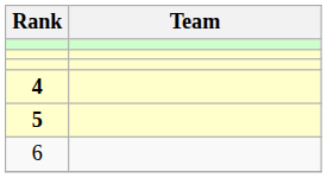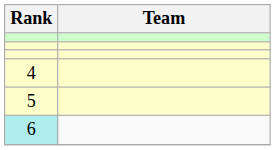 <table class="wikitable" style="text-align: center;">
 <tr>
 <th width=40>Rank</th>
 <th width=180>Team</th>
 </tr>
 <tr bgcolor=ccffcc>
 <td></td>
 <td align="left"></td>
 </tr>
 <tr bgcolor=ffffcc>
 <td></td>
 <td align="left"></td>
 </tr>
 <tr bgcolor=ffffcc>
 <td></td>
 <td align=left></td>
 </tr>
 <tr bgcolor=ffffcc>
-<td><strong>4</strong></td>
+<td>4</td>
 <td style="text-align:left;"></td>
 </tr>
 <tr bgcolor=ffffcc>
-<td><strong>5</strong></td>
+<td>5</td>
 <td style="text-align:left;"></td>
 </tr>
 <tr>
-<td>6</td>
+<td style="background: paleturquoise;">6</td>
 <td style="text-align:left;"></td>
 </tr>
 <tr align=center>
 </tr>
 </table>
